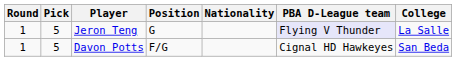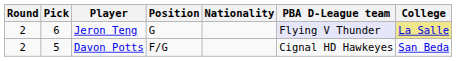 <table class="wikitable sortable sortable">
 <tr>
 <th>Round</th>
 <th>Pick</th>
 <th>Player</th>
 <th>Position</th>
 <th>Nationality</th>
 <th>PBA D-League team</th>
 <th>College</th>
 </tr>
 <tr>
-<td align=center>1</td>
-<td align=center>5</td>
+<td align=center>2</td>
+<td align=center>6</td>
 <td><a href='#'>Jeron Teng</a></td>
 <td>G</td>
 <td></td>
 <td style="background: lavender;">Flying V Thunder</td>
-<td><a href='#'>La Salle</a></td>
+<td style="background: khaki;"><a href='#'>La Salle</a></td>
 </tr>
 <tr>
-<td align=center>1</td>
+<td align=center>2</td>
 <td align=center>5</td>
 <td><a href='#'>Davon Potts</a></td>
 <td>F/G</td>
 <td></td>
 <td>Cignal HD Hawkeyes</td>
 <td><a href='#'>San Beda</a></td>
 </tr>
 </table>
